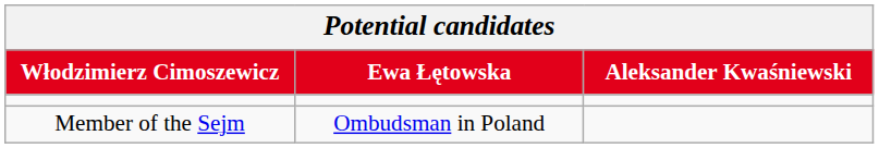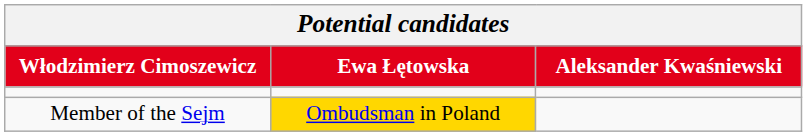 <table class="wikitable" style="font-size:90%;">
 <tr>
 <th colspan="11" style="text-align:center; width:150px; font-size:120%; color:black;"><em>Potential candidates</em></th>
 </tr>
 <tr style="text-align:center">
 <th scope="col" style="width:10em; font-size:120%; background:#E2001A; color:white;"><small>Włodzimierz Cimoszewicz</small></th>
 <th scope="col" style="width:10em; font-size:120%; background:#E2001A; color:white;"><small>Ewa Łętowska</small></th>
 <th scope="col" style="width:10em; font-size:120%; background:#E2001A; color:white;"><small>Aleksander Kwaśniewski</small></th>
 </tr>
 <tr style="text-align:center">
 <td style="text-align:center"></td>
 <td style="text-align:center"></td>
 <td style="text-align:center"></td>
 </tr>
 <tr style="text-align:center">
 <td>Member of the <a href='#'>Sejm</a><br></td>
-<td><a href='#'>Ombudsman</a> in Poland<br></td>
+<td style="background: gold;"><a href='#'>Ombudsman</a> in Poland<br></td>
 <td><br></td>
 </tr>
 </table>
